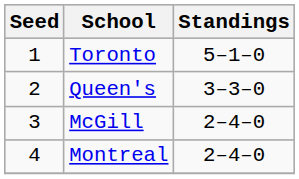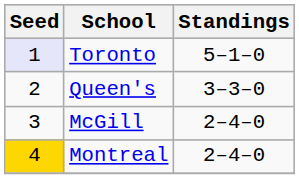 <table class="wikitable">
 <tr>
 <th>Seed</th>
 <th>School</th>
 <th>Standings</th>
 </tr>
 <tr>
-<td align=center>1</td>
+<td align=center style="background: lavender;">1</td>
 <td><a href='#'>Toronto</a></td>
 <td align=center>5–1–0</td>
 </tr>
 <tr>
 <td align=center>2</td>
 <td><a href='#'>Queen's</a></td>
 <td align=center>3–3–0</td>
 </tr>
 <tr>
 <td align=center>3</td>
 <td><a href='#'>McGill</a></td>
 <td align=center>2–4–0</td>
 </tr>
 <tr>
-<td align=center>4</td>
+<td align=center style="background: gold;">4</td>
 <td><a href='#'>Montreal</a></td>
 <td align=center>2–4–0</td>
 </tr>
 <tr>
 </tr>
 </table>
